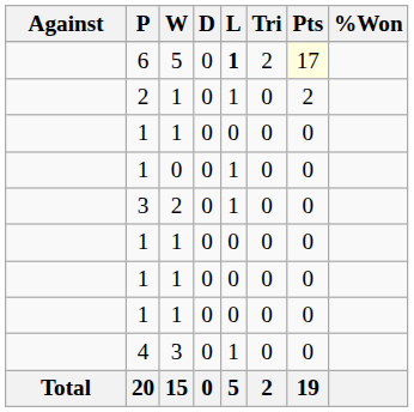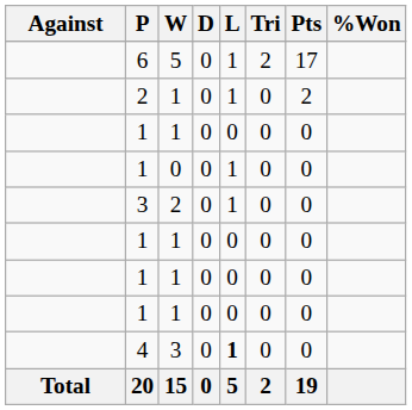 <table class="wikitable sortable"  style="text-align:center; font-size:100%;">
 <tr>
 <th style="width:30%;">Against</th>
 <th abbr="Played" style="width:15px;">P</th>
 <th abbr="Won" style="width:10px;">W</th>
 <th abbr="Drawn" style="width:10px;">D</th>
 <th abbr="Lost" style="width:10px;">L</th>
 <th abbr="Tries" style="width:15px;">Tri</th>
 <th abbr="Points" style="width:18px;">Pts</th>
 <th abbr="Won" style="width:18px;">%Won</th>
 </tr>
 <tr bgcolor="#d0ffd0" align="center">
 </tr>
 <tr>
 <td align="left"></td>
 <td>6</td>
 <td>5</td>
 <td>0</td>
-<td><strong>1</strong></td>
+<td>1</td>
 <td>2</td>
-<td style="background: lightyellow;">17</td>
+<td>17</td>
 <td></td>
 </tr>
 <tr>
 <td align="left"></td>
 <td>2</td>
 <td>1</td>
 <td>0</td>
 <td>1</td>
 <td>0</td>
 <td>2</td>
 <td></td>
 </tr>
 <tr>
 <td align="left"></td>
 <td>1</td>
 <td>1</td>
 <td>0</td>
 <td>0</td>
 <td>0</td>
 <td>0</td>
 <td></td>
 </tr>
 <tr>
 <td align="left"></td>
 <td>1</td>
 <td>0</td>
 <td>0</td>
 <td>1</td>
 <td>0</td>
 <td>0</td>
 <td></td>
 </tr>
 <tr>
 <td align="left"></td>
 <td>3</td>
 <td>2</td>
 <td>0</td>
 <td>1</td>
 <td>0</td>
 <td>0</td>
 <td></td>
 </tr>
 <tr>
 <td align="left"></td>
 <td>1</td>
 <td>1</td>
 <td>0</td>
 <td>0</td>
 <td>0</td>
 <td>0</td>
 <td></td>
 </tr>
 <tr>
 <td align="left"></td>
 <td>1</td>
 <td>1</td>
 <td>0</td>
 <td>0</td>
 <td>0</td>
 <td>0</td>
 <td></td>
 </tr>
 <tr>
 <td align="left"></td>
 <td>1</td>
 <td>1</td>
 <td>0</td>
 <td>0</td>
 <td>0</td>
 <td>0</td>
 <td></td>
 </tr>
 <tr>
 <td align="left"></td>
 <td>4</td>
 <td>3</td>
 <td>0</td>
-<td>1</td>
+<td><strong>1</strong></td>
 <td>0</td>
 <td>0</td>
 <td></td>
 </tr>
 <tr>
 <th>Total</th>
 <th>20</th>
 <th>15</th>
 <th>0</th>
 <th>5</th>
 <th>2</th>
 <th>19</th>
 <th></th>
 </tr>
 </table>
